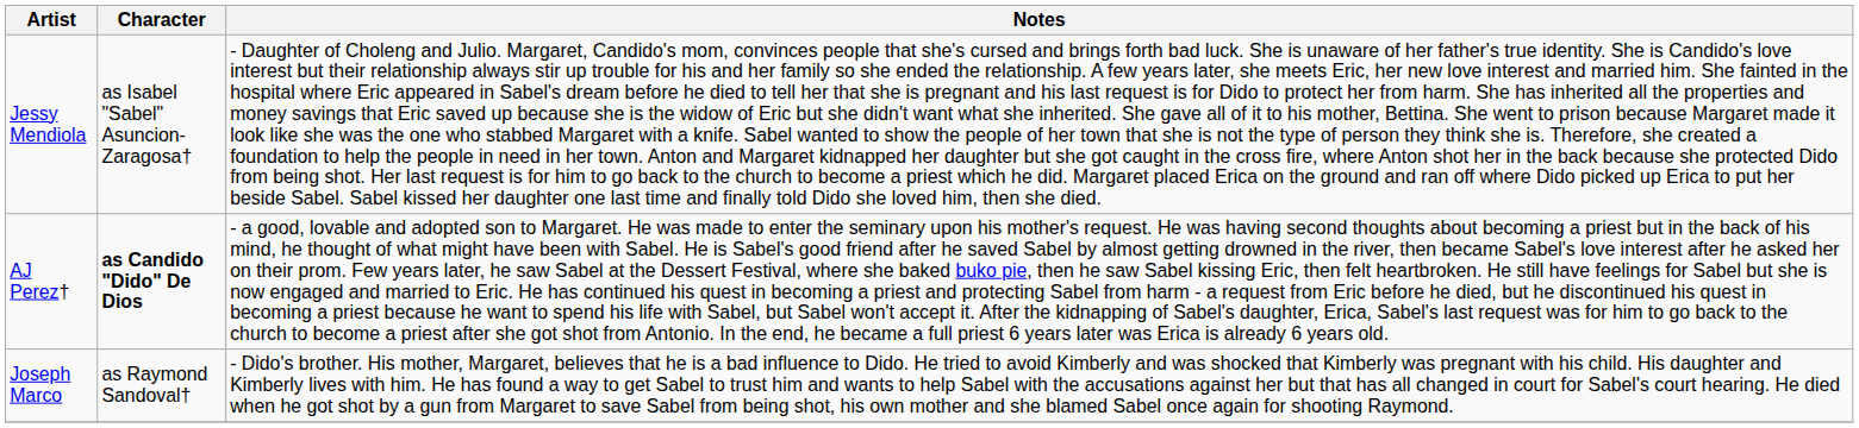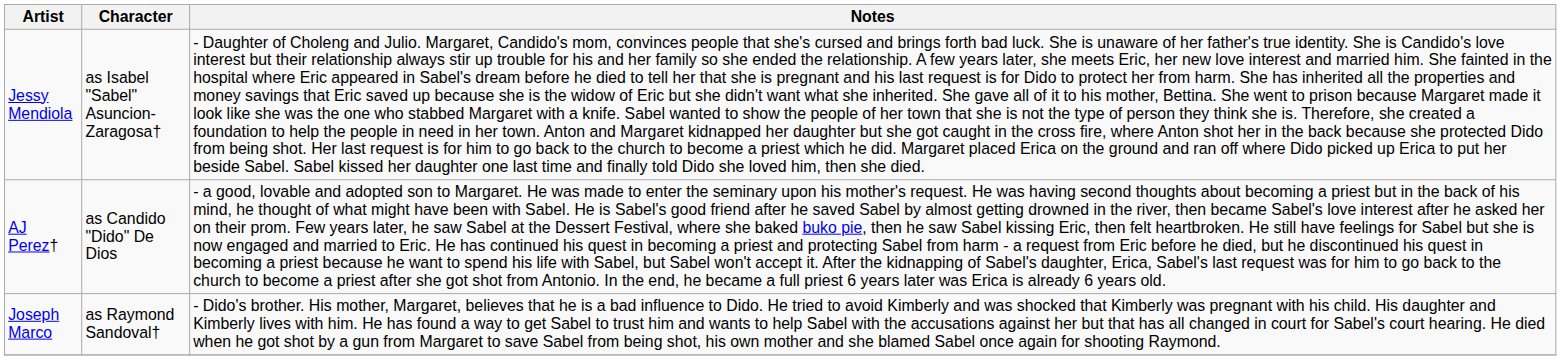 <table class="wikitable">
 <tr>
 <th>Artist</th>
 <th>Character</th>
 <th>Notes</th>
 </tr>
 <tr>
 <td><a href='#'>Jessy Mendiola</a></td>
 <td>as Isabel "Sabel" Asuncion-Zaragosa†</td>
 <td>- Daughter of Choleng and Julio. Margaret, Candido's mom, convinces people that she's cursed and brings forth bad luck. She is unaware of her father's true identity. She is Candido's love interest but their relationship always stir up trouble for his and her family so she ended the relationship. A few years later, she meets Eric, her new love interest and married him. She fainted in the hospital where Eric appeared in Sabel's dream before he died to tell her that she is pregnant and his last request is for Dido to protect her from harm. She has inherited all the properties and money savings that Eric saved up because she is the widow of Eric but she didn't want what she inherited. She gave all of it to his mother, Bettina. She went to prison because Margaret made it look like she was the one who stabbed Margaret with a knife. Sabel wanted to show the people of her town that she is not the type of person they think she is. Therefore, she created a foundation to help the people in need in her town. Anton and Margaret kidnapped her daughter but she got caught in the cross fire, where Anton shot her in the back because she protected Dido from being shot. Her last request is for him to go back to the church to become a priest which he did. Margaret placed Erica on the ground and ran off where Dido picked up Erica to put her beside Sabel. Sabel kissed her daughter one last time and finally told Dido she loved him, then she died.</td>
 </tr>
 <tr>
 <td><a href='#'>AJ Perez</a>†</td>
-<td><strong>as Candido "Dido" De Dios</strong></td>
+<td>as Candido "Dido" De Dios</td>
 <td>- a good, lovable and adopted son to Margaret. He was made to enter the seminary upon his mother's request. He was having second thoughts about becoming a priest but in the back of his mind, he thought of what might have been with Sabel. He is Sabel's good friend after he saved Sabel by almost getting drowned in the river, then became Sabel's love interest after he asked her on their prom. Few years later, he saw Sabel at the Dessert Festival, where she baked <a href='#'>buko pie</a>, then he saw Sabel kissing Eric, then felt heartbroken. He still have feelings for Sabel but she is now engaged and married to Eric. He has continued his quest in becoming a priest and protecting Sabel from harm - a request from Eric before he died, but he discontinued his quest in becoming a priest because he want to spend his life with Sabel, but Sabel won't accept it. After the kidnapping of Sabel's daughter, Erica, Sabel's last request was for him to go back to the church to become a priest after she got shot from Antonio. In the end, he became a full priest 6 years later was Erica is already 6 years old.</td>
 </tr>
 <tr>
 <td><a href='#'>Joseph Marco</a></td>
 <td>as Raymond Sandoval†</td>
 <td>- Dido's brother. His mother, Margaret, believes that he is a bad influence to Dido. He tried to avoid Kimberly and was shocked that Kimberly was pregnant with his child. His daughter and Kimberly lives with him. He has found a way to get Sabel to trust him and wants to help Sabel with the accusations against her but that has all changed in court for Sabel's court hearing. He died when he got shot by a gun from Margaret to save Sabel from being shot, his own mother and she blamed Sabel once again for shooting Raymond.</td>
 </tr>
 <tr>
 </tr>
 </table>
